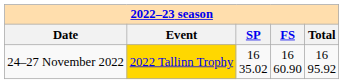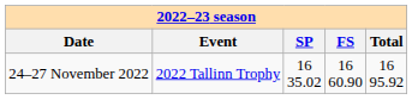 <table class="wikitable">
 <tr>
 <th style="background-color: #ffdead;" colspan=5 align=center><a href='#'><strong>2022–23</strong> season</a></th>
 </tr>
 <tr>
 <th>Date</th>
 <th>Event</th>
 <th><a href='#'>SP</a></th>
 <th><a href='#'>FS</a></th>
 <th>Total</th>
 </tr>
 <tr>
 <td>24–27 November 2022</td>
-<td style="background: gold;"><a href='#'>2022 Tallinn Trophy</a></td>
+<td><a href='#'>2022 Tallinn Trophy</a></td>
 <td align=center>16 <br> 35.02</td>
 <td align=center>16 <br> 60.90</td>
 <td align=center>16 <br> 95.92</td>
 </tr>
 </table>
